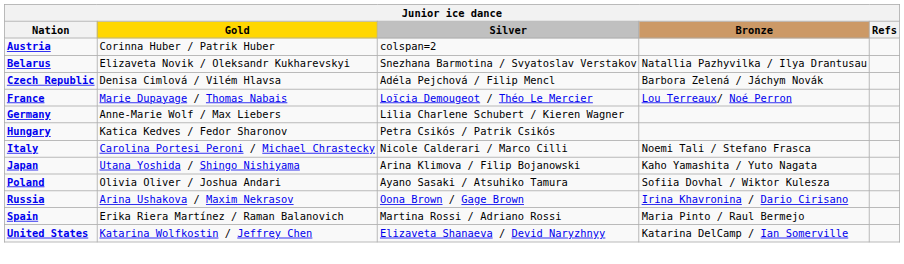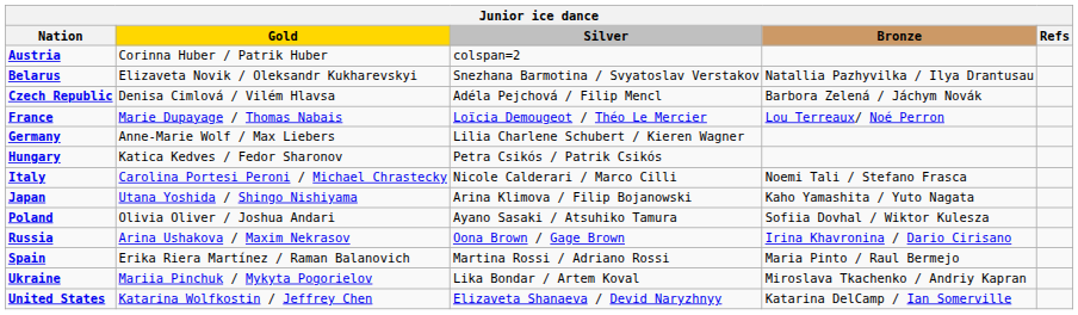 <table class="wikitable">
 <tr>
 <th colspan=5>Junior ice dance</th>
 </tr>
 <tr>
 <th>Nation</th>
 <td style="text-align:center; background:gold;"><strong>Gold</strong></td>
 <td style="text-align:center; background:silver;"><strong>Silver</strong></td>
 <td style="text-align:center; background:#c96;"><strong>Bronze</strong></td>
 <th>Refs</th>
 </tr>
 <tr>
 <td><strong> <a href='#'>Austria</a></strong></td>
 <td>Corinna Huber / Patrik Huber</td>
 <td>colspan=2 </td>
 <td></td>
 </tr>
 <tr>
 <td><strong> <a href='#'>Belarus</a></strong></td>
 <td>Elizaveta Novik / Oleksandr Kukharevskyi</td>
 <td>Snezhana Barmotina / Svyatoslav Verstakov</td>
 <td>Natallia Pazhyvilka / Ilya Drantusau</td>
 <td></td>
 </tr>
 <tr>
 <td><strong> <a href='#'>Czech Republic</a></strong></td>
 <td>Denisa Cimlová / Vilém Hlavsa</td>
 <td>Adéla Pejchová / Filip Mencl</td>
 <td>Barbora Zelená / Jáchym Novák</td>
 <td></td>
 </tr>
 <tr>
 <td><strong> <a href='#'>France</a></strong></td>
 <td><a href='#'>Marie Dupayage</a> / <a href='#'>Thomas Nabais</a></td>
 <td><a href='#'>Loïcia Demougeot</a> / <a href='#'>Théo Le Mercier</a></td>
 <td><a href='#'>Lou Terreaux</a>/ <a href='#'>Noé Perron</a></td>
 <td></td>
 </tr>
 <tr>
 <td><strong> <a href='#'>Germany</a></strong></td>
 <td>Anne-Marie Wolf / Max Liebers</td>
 <td>Lilia Charlene Schubert / Kieren Wagner</td>
 <td></td>
 <td></td>
 </tr>
 <tr>
 <td><strong> <a href='#'>Hungary</a></strong></td>
 <td>Katica Kedves / Fedor Sharonov</td>
 <td>Petra Csikós / Patrik Csikós</td>
 <td></td>
 <td></td>
 </tr>
 <tr>
 <td><strong> <a href='#'>Italy</a></strong></td>
 <td><a href='#'>Carolina Portesi Peroni</a> / <a href='#'>Michael Chrastecky</a></td>
 <td>Nicole Calderari / Marco Cilli</td>
 <td>Noemi Tali / Stefano Frasca</td>
 <td></td>
 </tr>
 <tr>
 <td><strong> <a href='#'>Japan</a></strong></td>
 <td><a href='#'>Utana Yoshida</a> / <a href='#'>Shingo Nishiyama</a></td>
 <td>Arina Klimova / Filip Bojanowski</td>
 <td>Kaho Yamashita / Yuto Nagata</td>
 <td></td>
 </tr>
 <tr>
 <td><strong> <a href='#'>Poland</a></strong></td>
 <td>Olivia Oliver / Joshua Andari</td>
 <td>Ayano Sasaki / Atsuhiko Tamura</td>
 <td>Sofiia Dovhal / Wiktor Kulesza</td>
 <td></td>
 </tr>
 <tr>
 <td><strong> <a href='#'>Russia</a></strong></td>
 <td><a href='#'>Arina Ushakova</a> / <a href='#'>Maxim Nekrasov</a></td>
 <td><a href='#'>Oona Brown</a> / <a href='#'>Gage Brown</a></td>
 <td><a href='#'>Irina Khavronina</a> / <a href='#'>Dario Cirisano</a></td>
 <td></td>
 </tr>
 <tr>
 <td><strong> <a href='#'>Spain</a></strong></td>
 <td>Erika Riera Martínez / Raman Balanovich</td>
 <td>Martina Rossi / Adriano Rossi</td>
 <td>Maria Pinto / Raul Bermejo</td>
 <td></td>
 </tr>
 <tr>
+<td><strong> <a href='#'>Ukraine</a></strong></td>
+<td><a href='#'>Mariia Pinchuk</a> / <a href='#'>Mykyta Pogorielov</a></td>
+<td>Lika Bondar / Artem Koval</td>
+<td>Miroslava Tkachenko / Andriy Kapran</td>
+<td></td>
+</tr>
+<tr>
 <td><strong> <a href='#'>United States</a></strong></td>
 <td><a href='#'>Katarina Wolfkostin</a> / <a href='#'>Jeffrey Chen</a></td>
 <td><a href='#'>Elizaveta Shanaeva</a> / <a href='#'>Devid Naryzhnyy</a></td>
 <td>Katarina DelCamp / <a href='#'>Ian Somerville</a></td>
 <td></td>
 </tr>
 </table>
